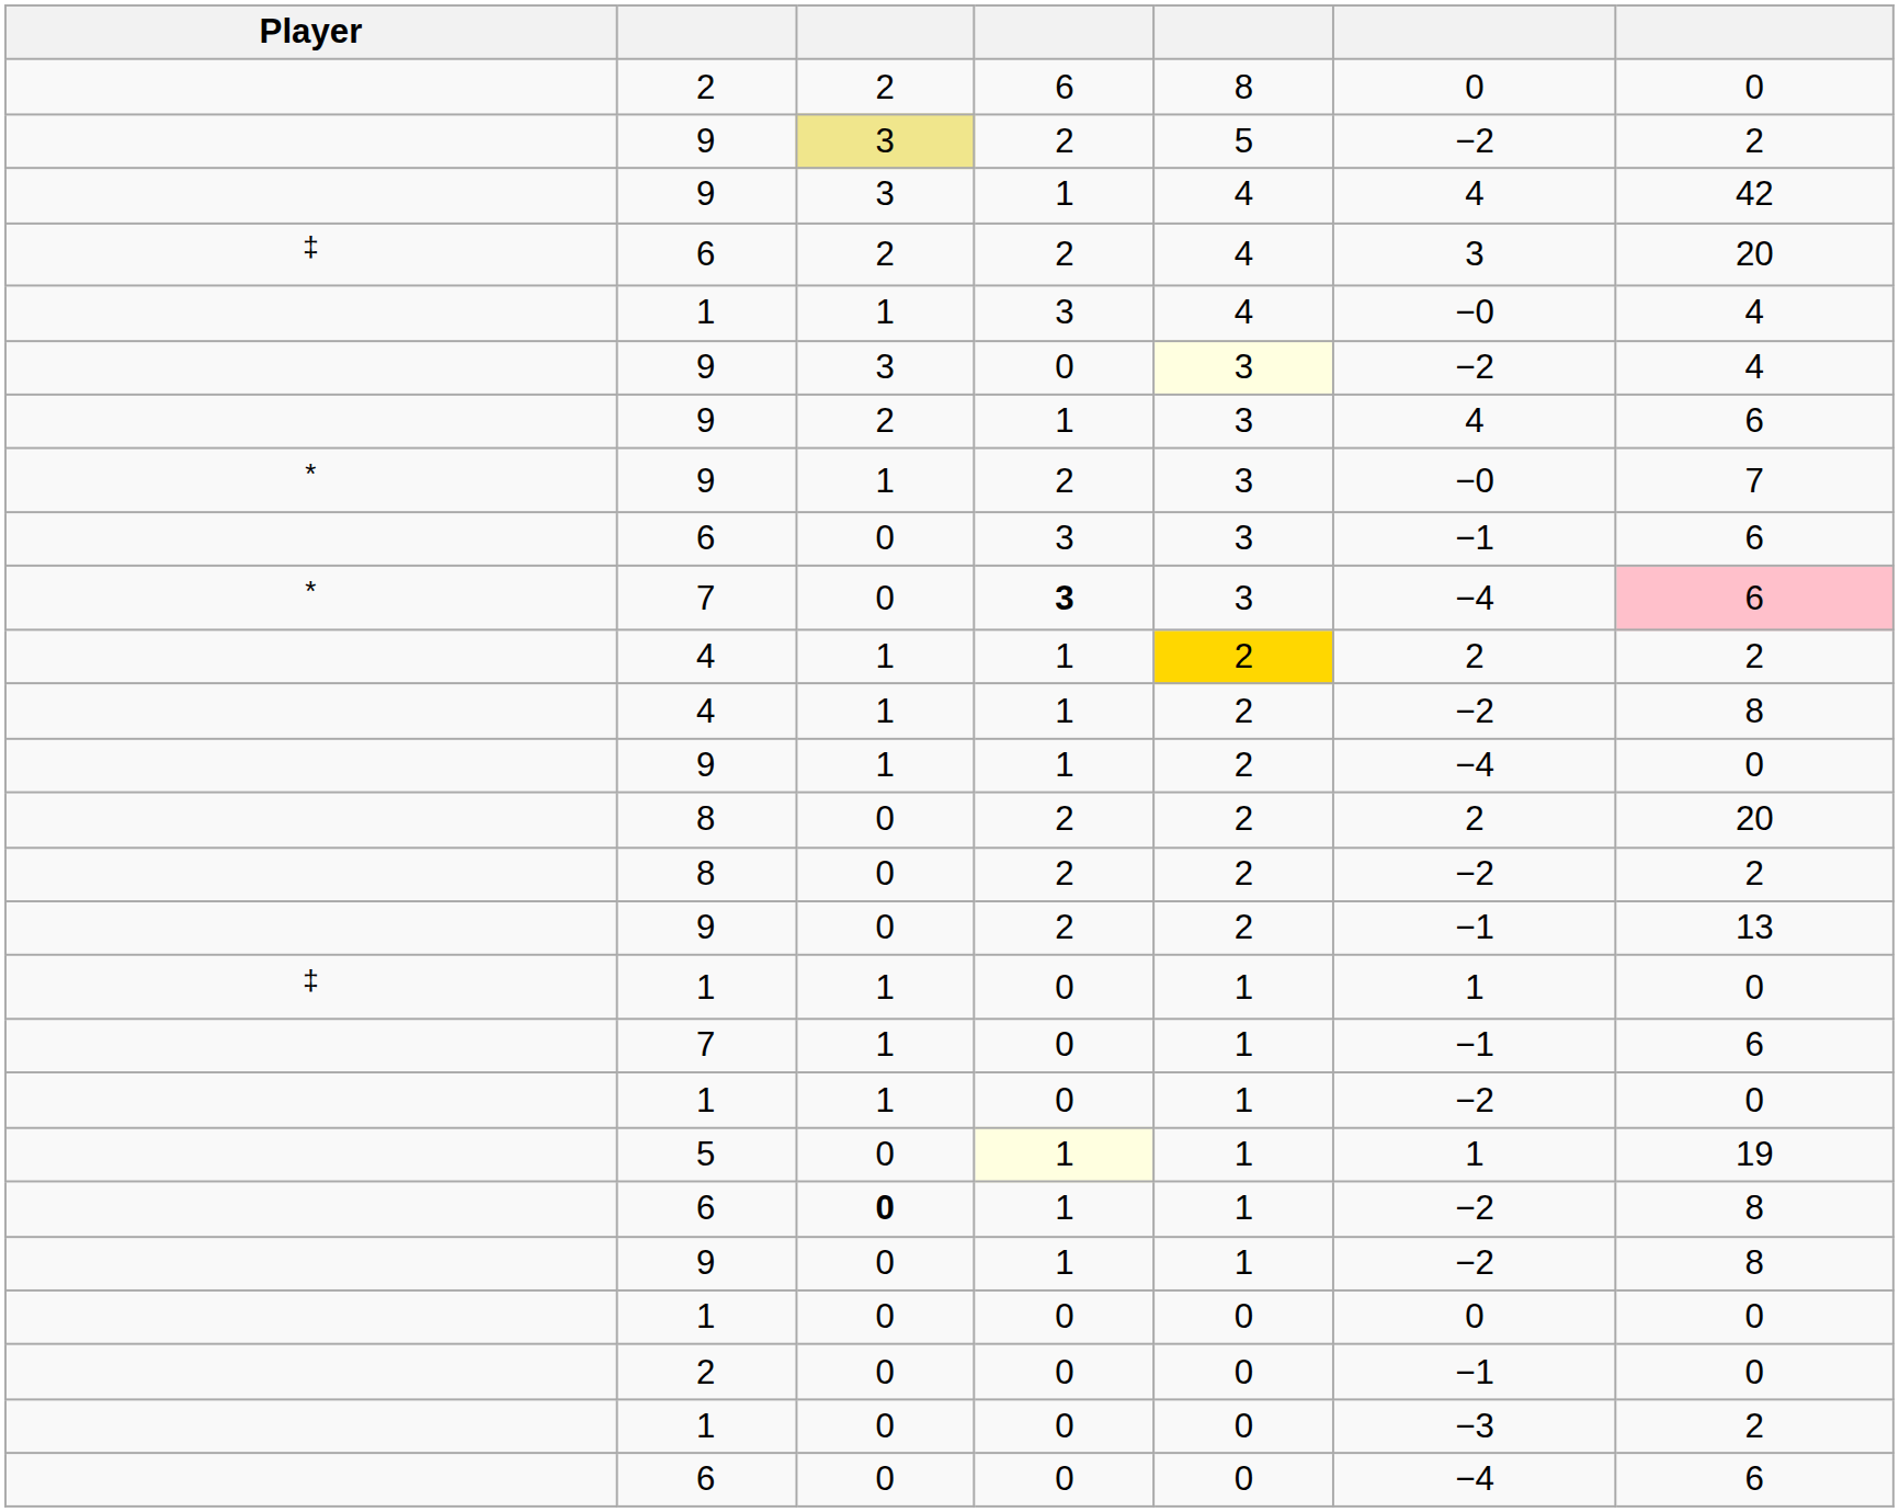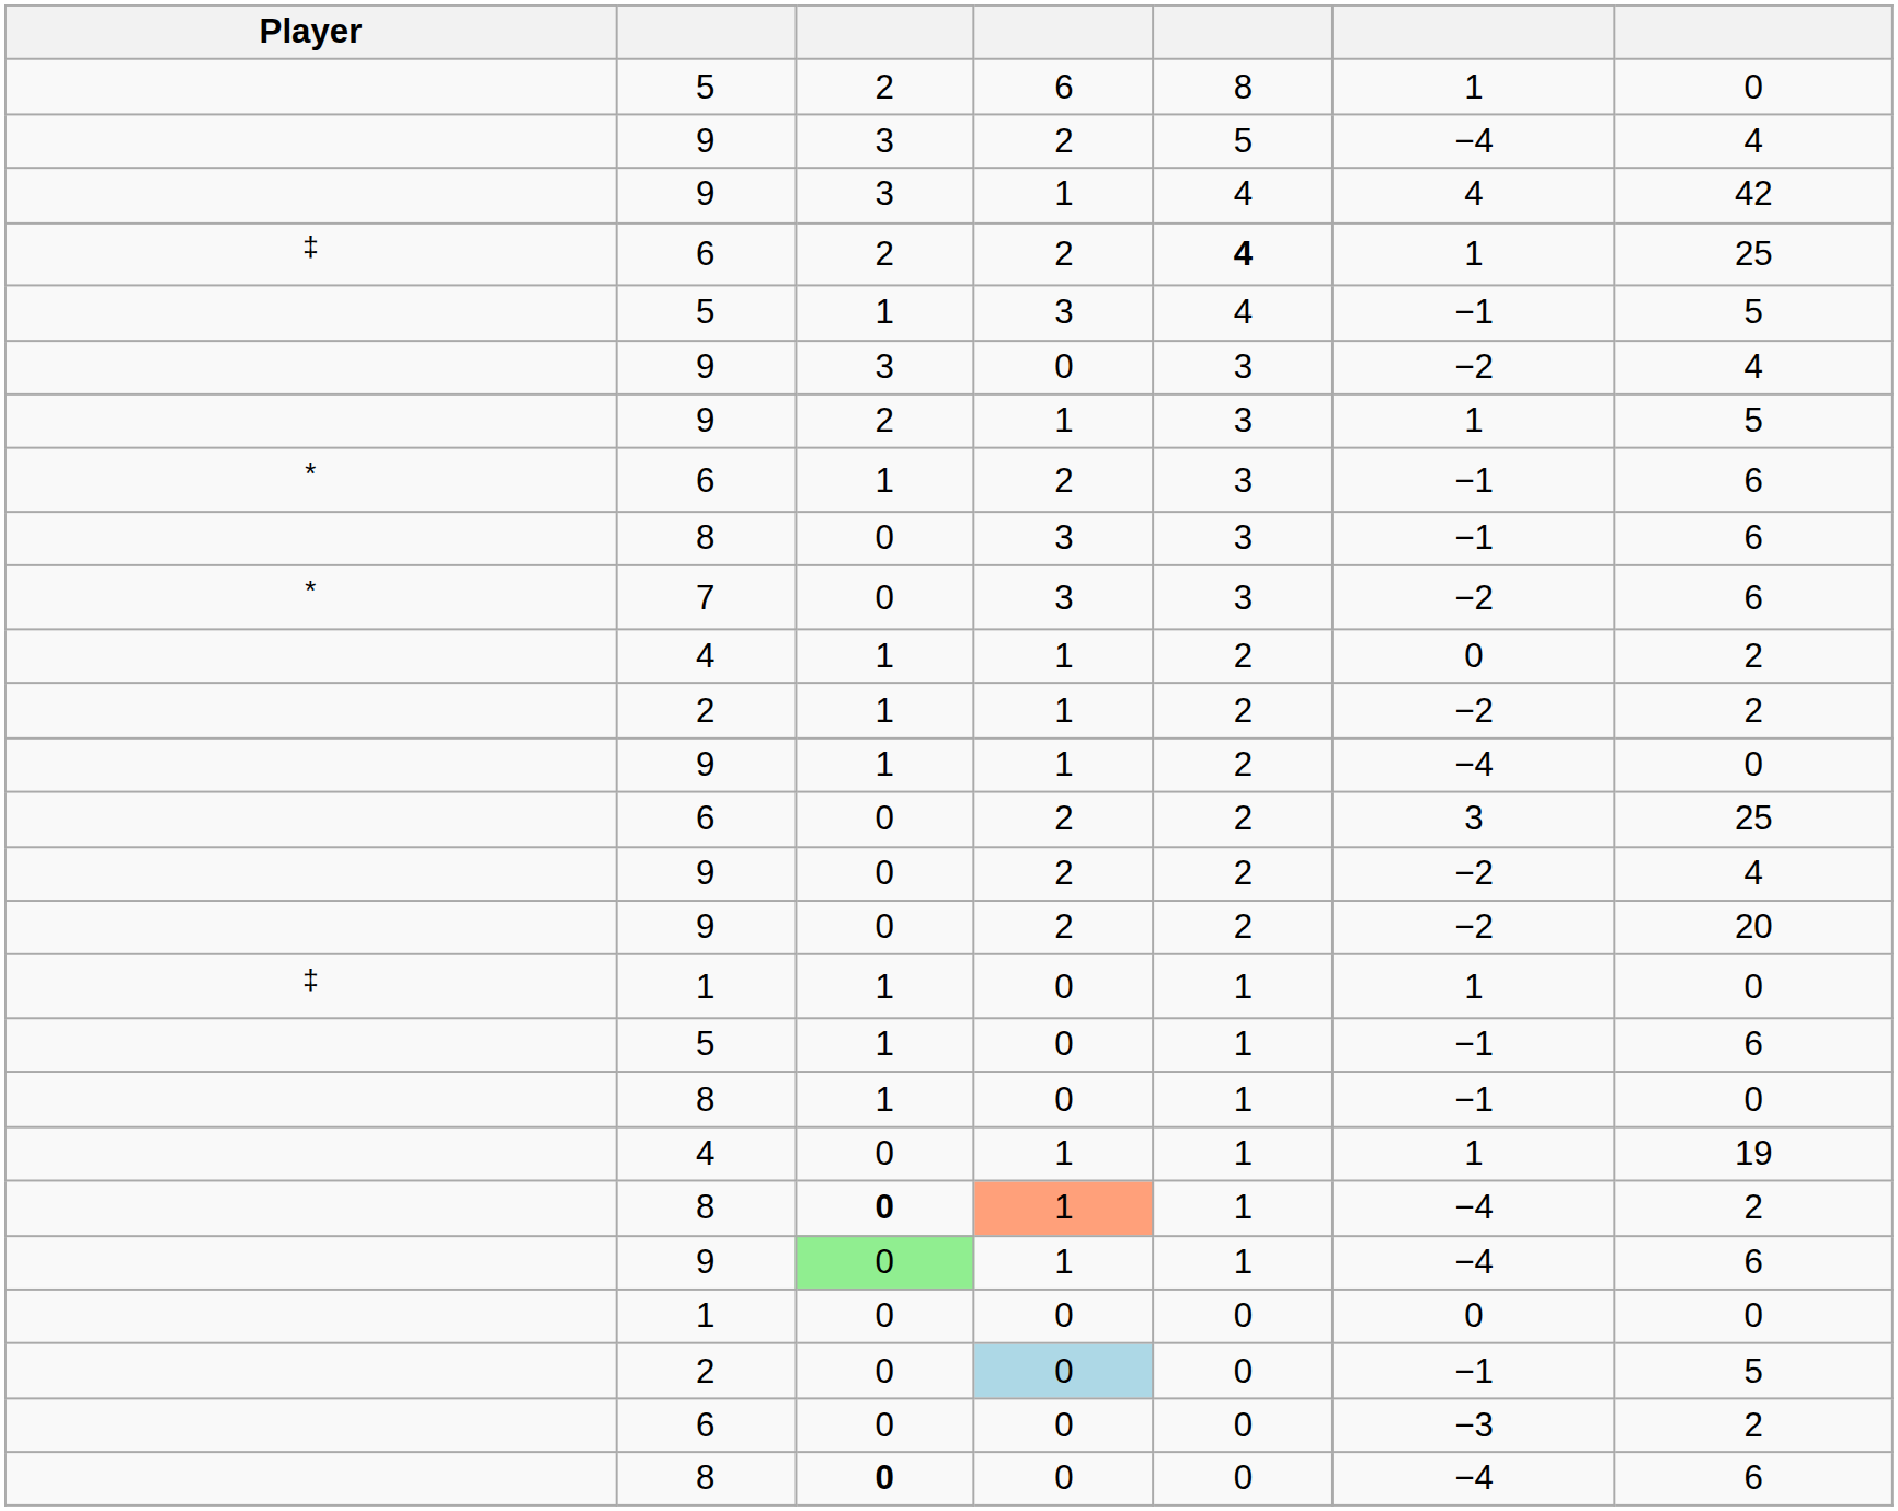 <table class="wikitable sortable" style="width:100%;">
 <tr align=center>
 <th>Player</th>
 <th></th>
 <th></th>
 <th></th>
 <th></th>
 <th data-sort-type="number"></th>
 <th></th>
 </tr>
 <tr align=center>
 <td></td>
-<td>2</td>
+<td>5</td>
 <td>2</td>
 <td>6</td>
 <td>8</td>
-<td>0</td>
+<td>1</td>
 <td>0</td>
 </tr>
 <tr align=center>
 <td></td>
 <td>9</td>
-<td style="background: khaki;">3</td>
+<td>3</td>
 <td>2</td>
 <td>5</td>
-<td>−2</td>
-<td>2</td>
+<td>−4</td>
+<td>4</td>
 </tr>
 <tr align=center>
 <td></td>
 <td>9</td>
 <td>3</td>
 <td>1</td>
 <td>4</td>
 <td>4</td>
 <td>42</td>
 </tr>
 <tr align=center>
 <td><sup>‡</sup></td>
 <td>6</td>
 <td>2</td>
 <td>2</td>
-<td>4</td>
-<td>3</td>
-<td>20</td>
+<td><strong>4</strong></td>
+<td>1</td>
+<td>25</td>
 </tr>
 <tr align=center>
 <td></td>
-<td>1</td>
+<td>5</td>
 <td>1</td>
 <td>3</td>
 <td>4</td>
-<td>−0</td>
-<td>4</td>
+<td>−1</td>
+<td>5</td>
 </tr>
 <tr align=center>
 <td></td>
 <td>9</td>
 <td>3</td>
 <td>0</td>
-<td style="background: lightyellow;">3</td>
+<td>3</td>
 <td>−2</td>
 <td>4</td>
 </tr>
 <tr align=center>
 <td></td>
 <td>9</td>
 <td>2</td>
 <td>1</td>
 <td>3</td>
-<td>4</td>
+<td>1</td>
+<td>5</td>
+</tr>
+<tr align=center>
+<td><sup>*</sup></td>
+<td>6</td>
+<td>1</td>
+<td>2</td>
+<td>3</td>
+<td>−1</td>
 <td>6</td>
 </tr>
 <tr align=center>
-<td><sup>*</sup></td>
-<td>9</td>
-<td>1</td>
-<td>2</td>
-<td>3</td>
-<td>−0</td>
-<td>7</td>
-</tr>
-<tr align=center>
 <td></td>
-<td>6</td>
+<td>8</td>
 <td>0</td>
 <td>3</td>
 <td>3</td>
 <td>−1</td>
 <td>6</td>
 </tr>
 <tr align=center>
 <td><sup>*</sup></td>
 <td>7</td>
 <td>0</td>
-<td><strong>3</strong></td>
 <td>3</td>
-<td>−4</td>
-<td style="background: pink;">6</td>
-</tr>
-<tr align=center>
-<td></td>
-<td>4</td>
-<td>1</td>
-<td>1</td>
-<td style="background: gold;">2</td>
-<td>2</td>
-<td>2</td>
+<td>3</td>
+<td>−2</td>
+<td>6</td>
 </tr>
 <tr align=center>
 <td></td>
 <td>4</td>
 <td>1</td>
 <td>1</td>
 <td>2</td>
+<td>0</td>
+<td>2</td>
+</tr>
+<tr align=center>
+<td></td>
+<td>2</td>
+<td>1</td>
+<td>1</td>
+<td>2</td>
 <td>−2</td>
-<td>8</td>
+<td>2</td>
 </tr>
 <tr align=center>
 <td></td>
 <td>9</td>
 <td>1</td>
 <td>1</td>
 <td>2</td>
 <td>−4</td>
 <td>0</td>
 </tr>
 <tr align=center>
 <td></td>
-<td>8</td>
+<td>6</td>
 <td>0</td>
 <td>2</td>
 <td>2</td>
-<td>2</td>
-<td>20</td>
-</tr>
-<tr align=center>
-<td></td>
-<td>8</td>
-<td>0</td>
-<td>2</td>
-<td>2</td>
-<td>−2</td>
-<td>2</td>
+<td>3</td>
+<td>25</td>
 </tr>
 <tr align=center>
 <td></td>
 <td>9</td>
 <td>0</td>
 <td>2</td>
 <td>2</td>
-<td>−1</td>
-<td>13</td>
+<td>−2</td>
+<td>4</td>
+</tr>
+<tr align=center>
+<td></td>
+<td>9</td>
+<td>0</td>
+<td>2</td>
+<td>2</td>
+<td>−2</td>
+<td>20</td>
 </tr>
 <tr align=center>
 <td><sup>‡</sup></td>
 <td>1</td>
 <td>1</td>
 <td>0</td>
 <td>1</td>
 <td>1</td>
 <td>0</td>
 </tr>
 <tr align=center>
 <td></td>
-<td>7</td>
+<td>5</td>
 <td>1</td>
 <td>0</td>
 <td>1</td>
 <td>−1</td>
 <td>6</td>
 </tr>
 <tr align=center>
 <td></td>
-<td>1</td>
+<td>8</td>
 <td>1</td>
 <td>0</td>
 <td>1</td>
-<td>−2</td>
+<td>−1</td>
 <td>0</td>
 </tr>
 <tr align=center>
 <td></td>
-<td>5</td>
+<td>4</td>
 <td>0</td>
-<td style="background: lightyellow;">1</td>
+<td>1</td>
 <td>1</td>
 <td>1</td>
 <td>19</td>
 </tr>
 <tr align=center>
 <td></td>
-<td>6</td>
+<td>8</td>
 <td><strong>0</strong></td>
+<td style="background: lightsalmon;">1</td>
 <td>1</td>
-<td>1</td>
-<td>−2</td>
-<td>8</td>
+<td>−4</td>
+<td>2</td>
 </tr>
 <tr align=center>
 <td></td>
 <td>9</td>
-<td>0</td>
+<td style="background: lightgreen;">0</td>
 <td>1</td>
 <td>1</td>
-<td>−2</td>
-<td>8</td>
+<td>−4</td>
+<td>6</td>
 </tr>
 <tr align=center>
 <td></td>
 <td>1</td>
 <td>0</td>
 <td>0</td>
 <td>0</td>
 <td>0</td>
 <td>0</td>
 </tr>
 <tr align=center>
 <td></td>
 <td>2</td>
 <td>0</td>
-<td>0</td>
+<td style="background: lightblue;">0</td>
 <td>0</td>
 <td>−1</td>
-<td>0</td>
+<td>5</td>
 </tr>
 <tr align=center>
 <td></td>
-<td>1</td>
+<td>6</td>
 <td>0</td>
 <td>0</td>
 <td>0</td>
 <td>−3</td>
 <td>2</td>
 </tr>
 <tr align=center>
 <td></td>
-<td>6</td>
-<td>0</td>
+<td>8</td>
+<td><strong>0</strong></td>
 <td>0</td>
 <td>0</td>
 <td>−4</td>
 <td>6</td>
 </tr>
 </table>
